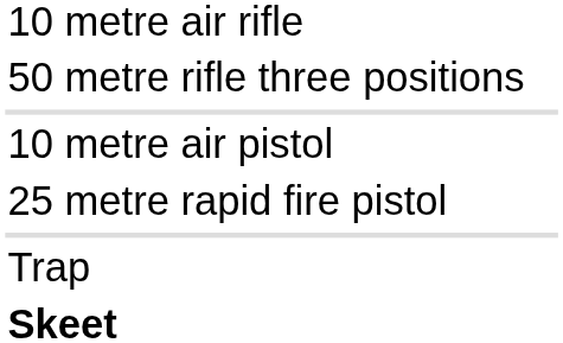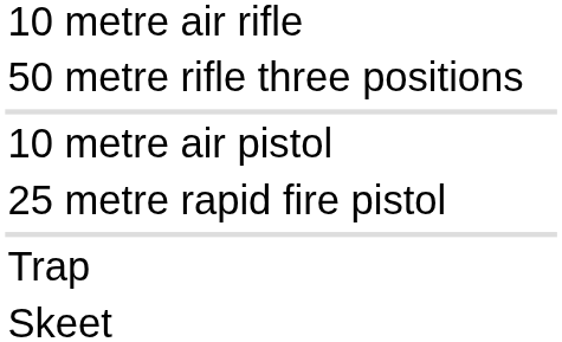 <table>
 <tr>
 <td>10 metre air rifle<br></td>
 <td></td>
 <td></td>
 <td></td>
 </tr>
 <tr>
 <td>50 metre rifle three positions<br></td>
 <td></td>
 <td></td>
 <td></td>
 </tr>
 <tr bgcolor=#DDDDDD>
 <td colspan=7></td>
 </tr>
 <tr>
 <td>10 metre air pistol<br></td>
 <td></td>
 <td></td>
 <td></td>
 </tr>
 <tr>
 <td>25 metre rapid fire pistol<br></td>
 <td></td>
 <td></td>
 <td></td>
 </tr>
 <tr bgcolor=#DDDDDD>
 <td colspan=7></td>
 </tr>
 <tr>
 <td>Trap<br></td>
 <td></td>
 <td></td>
 <td></td>
 </tr>
 <tr>
-<td><strong>Skeet<br></strong></td>
+<td>Skeet<br></td>
 <td></td>
 <td></td>
 <td></td>
 </tr>
 </table>
